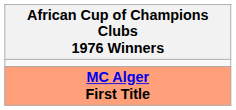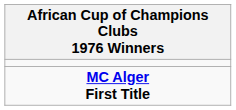 <table class="wikitable" style="text-align: center; margin: 0 auto; width: 20%">
 <tr>
 <th>African Cup of Champions Clubs<br>1976 Winners</th>
 </tr>
 <tr>
 <td></td>
 </tr>
 <tr>
-<td style="background: lightsalmon;"><strong><a href='#'>MC Alger</a></strong><br><strong>First Title</strong></td>
+<td><strong><a href='#'>MC Alger</a></strong><br><strong>First Title</strong></td>
 </tr>
 </table>
